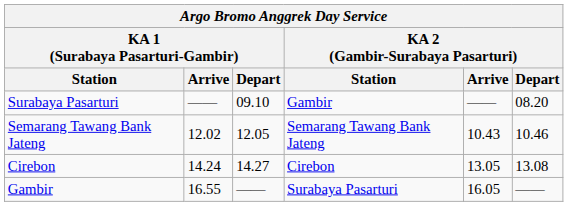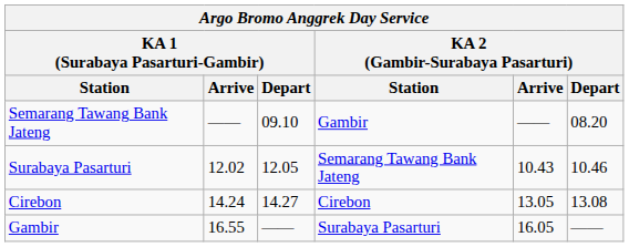 <table class="wikitable">
 <tr>
 <th colspan=6><em> Argo Bromo Anggrek Day Service </em></th>
 </tr>
 <tr>
 <th colspan=3><strong>KA 1<br>(Surabaya Pasarturi-Gambir)</strong></th>
 <th colspan=3><strong>KA 2<br>(Gambir-Surabaya Pasarturi)</strong></th>
 </tr>
 <tr>
 <th>Station</th>
 <th>Arrive</th>
 <th>Depart</th>
 <th>Station</th>
 <th>Arrive</th>
 <th>Depart</th>
 </tr>
 <tr>
-<td><a href='#'>Surabaya Pasarturi</a></td>
+<td><a href='#'>Semarang Tawang Bank Jateng</a></td>
 <td>——</td>
 <td>09.10</td>
 <td><a href='#'>Gambir</a></td>
 <td>——</td>
 <td>08.20</td>
 </tr>
 <tr>
-<td><a href='#'>Semarang Tawang Bank Jateng</a></td>
+<td><a href='#'>Surabaya Pasarturi</a></td>
 <td>12.02</td>
 <td>12.05</td>
 <td><a href='#'>Semarang Tawang Bank Jateng</a></td>
 <td>10.43</td>
 <td>10.46</td>
 </tr>
 <tr>
 <td><a href='#'>Cirebon</a></td>
 <td>14.24</td>
 <td>14.27</td>
 <td><a href='#'>Cirebon</a></td>
 <td>13.05</td>
 <td>13.08</td>
 </tr>
 <tr>
 <td><a href='#'>Gambir</a></td>
 <td>16.55</td>
 <td>——</td>
 <td><a href='#'>Surabaya Pasarturi</a></td>
 <td>16.05</td>
 <td>——</td>
 </tr>
 </table>
